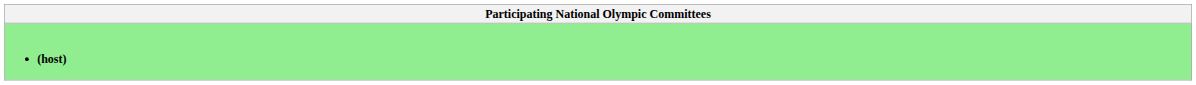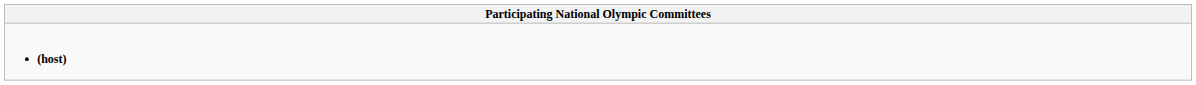 <table class="wikitable collapsible" style="width:100%;">
 <tr>
 <th>Participating National Olympic Committees</th>
 </tr>
 <tr>
-<td style="background: lightgreen;"><br><ul><li> <strong>(host)</strong></li></ul></td>
+<td><br><ul><li> <strong>(host)</strong></li></ul></td>
 </tr>
 </table>
